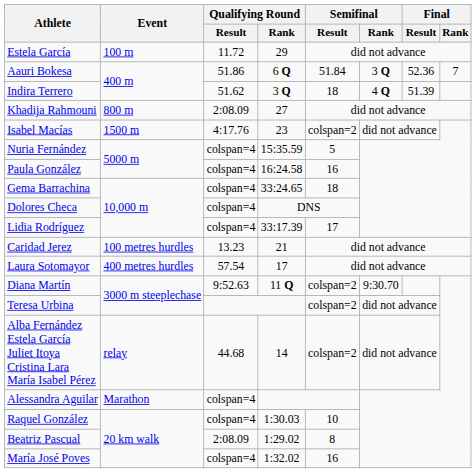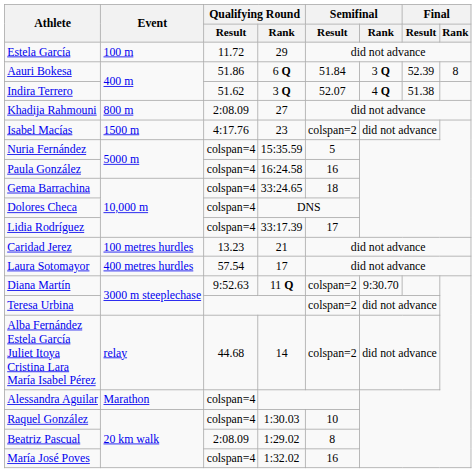 <table class="wikitable" style="font-size:90%">
 <tr>
 <th rowspan="2">Athlete</th>
 <th rowspan="2">Event</th>
 <th colspan="2">Qualifying Round</th>
 <th colspan="2">Semifinal</th>
 <th colspan="2">Final</th>
 </tr>
 <tr style="font-size:95%">
 <th>Result</th>
 <th>Rank</th>
 <th>Result</th>
 <th>Rank</th>
 <th>Result</th>
 <th>Rank</th>
 </tr>
 <tr align=center>
 <td align=left><a href='#'>Estela García</a></td>
 <td align=left><a href='#'>100 m</a></td>
 <td>11.72</td>
 <td>29</td>
 <td colspan=4>did not advance</td>
 </tr>
 <tr align=center>
 <td align=left><a href='#'>Aauri Bokesa</a></td>
 <td align=left rowspan=2><a href='#'>400 m</a></td>
 <td>51.86</td>
 <td>6 <strong>Q</strong></td>
 <td>51.84</td>
 <td>3 <strong>Q</strong></td>
-<td>52.36</td>
-<td>7</td>
+<td>52.39</td>
+<td>8</td>
 </tr>
 <tr align=center>
 <td align=left><a href='#'>Indira Terrero</a></td>
 <td>51.62</td>
 <td>3 <strong>Q</strong></td>
-<td>18</td>
+<td>52.07</td>
 <td>4 <strong>Q</strong></td>
-<td>51.39</td>
+<td>51.38</td>
 <td></td>
 </tr>
 <tr align=center>
 <td align=left><a href='#'>Khadija Rahmouni</a></td>
 <td align=left><a href='#'>800 m</a></td>
 <td>2:08.09</td>
 <td>27</td>
 <td colspan=4>did not advance</td>
 </tr>
 <tr align=center>
 <td align=left><a href='#'>Isabel Macías</a></td>
 <td align=left><a href='#'>1500 m</a></td>
 <td>4:17.76</td>
 <td>23</td>
 <td>colspan=2 </td>
 <td colspan=2>did not advance</td>
 </tr>
 <tr align=center>
 <td align=left><a href='#'>Nuria Fernández</a></td>
 <td align=left rowspan=2><a href='#'>5000 m</a></td>
 <td>colspan=4 </td>
 <td>15:35.59</td>
 <td>5</td>
 </tr>
 <tr align=center>
 <td align=left><a href='#'>Paula González</a></td>
 <td>colspan=4 </td>
 <td>16:24.58</td>
 <td>16</td>
 </tr>
 <tr align=center>
 <td align=left><a href='#'>Gema Barrachina</a></td>
 <td align=left rowspan=3><a href='#'>10,000 m</a></td>
 <td>colspan=4 </td>
 <td>33:24.65</td>
 <td>18</td>
 </tr>
 <tr align=center>
 <td align=left><a href='#'>Dolores Checa</a></td>
 <td>colspan=4 </td>
 <td colspan=2>DNS</td>
 </tr>
 <tr align=center>
 <td align=left><a href='#'>Lidia Rodríguez</a></td>
 <td>colspan=4 </td>
 <td>33:17.39</td>
 <td>17</td>
 </tr>
 <tr align=center>
 <td align=left><a href='#'>Caridad Jerez</a></td>
 <td align=left><a href='#'>100 metres hurdles</a></td>
 <td>13.23</td>
 <td>21</td>
 <td colspan=4>did not advance</td>
 </tr>
 <tr align=center>
 <td align=left><a href='#'>Laura Sotomayor</a></td>
 <td align=left><a href='#'>400 metres hurdles</a></td>
 <td>57.54</td>
 <td>17</td>
 <td colspan=4>did not advance</td>
 </tr>
 <tr align=center>
 <td align=left><a href='#'>Diana Martín</a></td>
 <td align=left rowspan=2><a href='#'>3000 m steeplechase</a></td>
 <td>9:52.63</td>
 <td>11 <strong>Q</strong></td>
 <td>colspan=2 </td>
 <td>9:30.70</td>
 <td></td>
 </tr>
 <tr align=center>
 <td align=left><a href='#'>Teresa Urbina</a></td>
 <td colspan=2></td>
 <td>colspan=2 </td>
 <td colspan=2>did not advance</td>
 </tr>
 <tr align=center>
 <td align=left><a href='#'>Alba Fernández</a><br><a href='#'>Estela García</a><br><a href='#'>Juliet Itoya</a><br><a href='#'>Cristina Lara</a><br><a href='#'>María Isabel Pérez</a></td>
 <td align=left><a href='#'> relay</a></td>
 <td>44.68</td>
 <td>14</td>
 <td>colspan=2 </td>
 <td colspan=2>did not advance</td>
 </tr>
 <tr align=center>
 <td align=left><a href='#'>Alessandra Aguilar</a></td>
 <td align=left><a href='#'>Marathon</a></td>
 <td>colspan=4 </td>
 <td colspan=2></td>
 </tr>
 <tr align=center>
 <td align=left><a href='#'>Raquel González</a></td>
 <td align=left rowspan=3><a href='#'>20 km walk</a></td>
 <td>colspan=4 </td>
 <td>1:30.03</td>
 <td>10</td>
 </tr>
 <tr align=center>
 <td align=left><a href='#'>Beatriz Pascual</a></td>
 <td>2:08.09</td>
 <td>1:29.02</td>
 <td>8</td>
 </tr>
 <tr align=center>
 <td align=left><a href='#'>María José Poves</a></td>
 <td>colspan=4 </td>
 <td>1:32.02</td>
 <td>16</td>
 </tr>
 </table>
